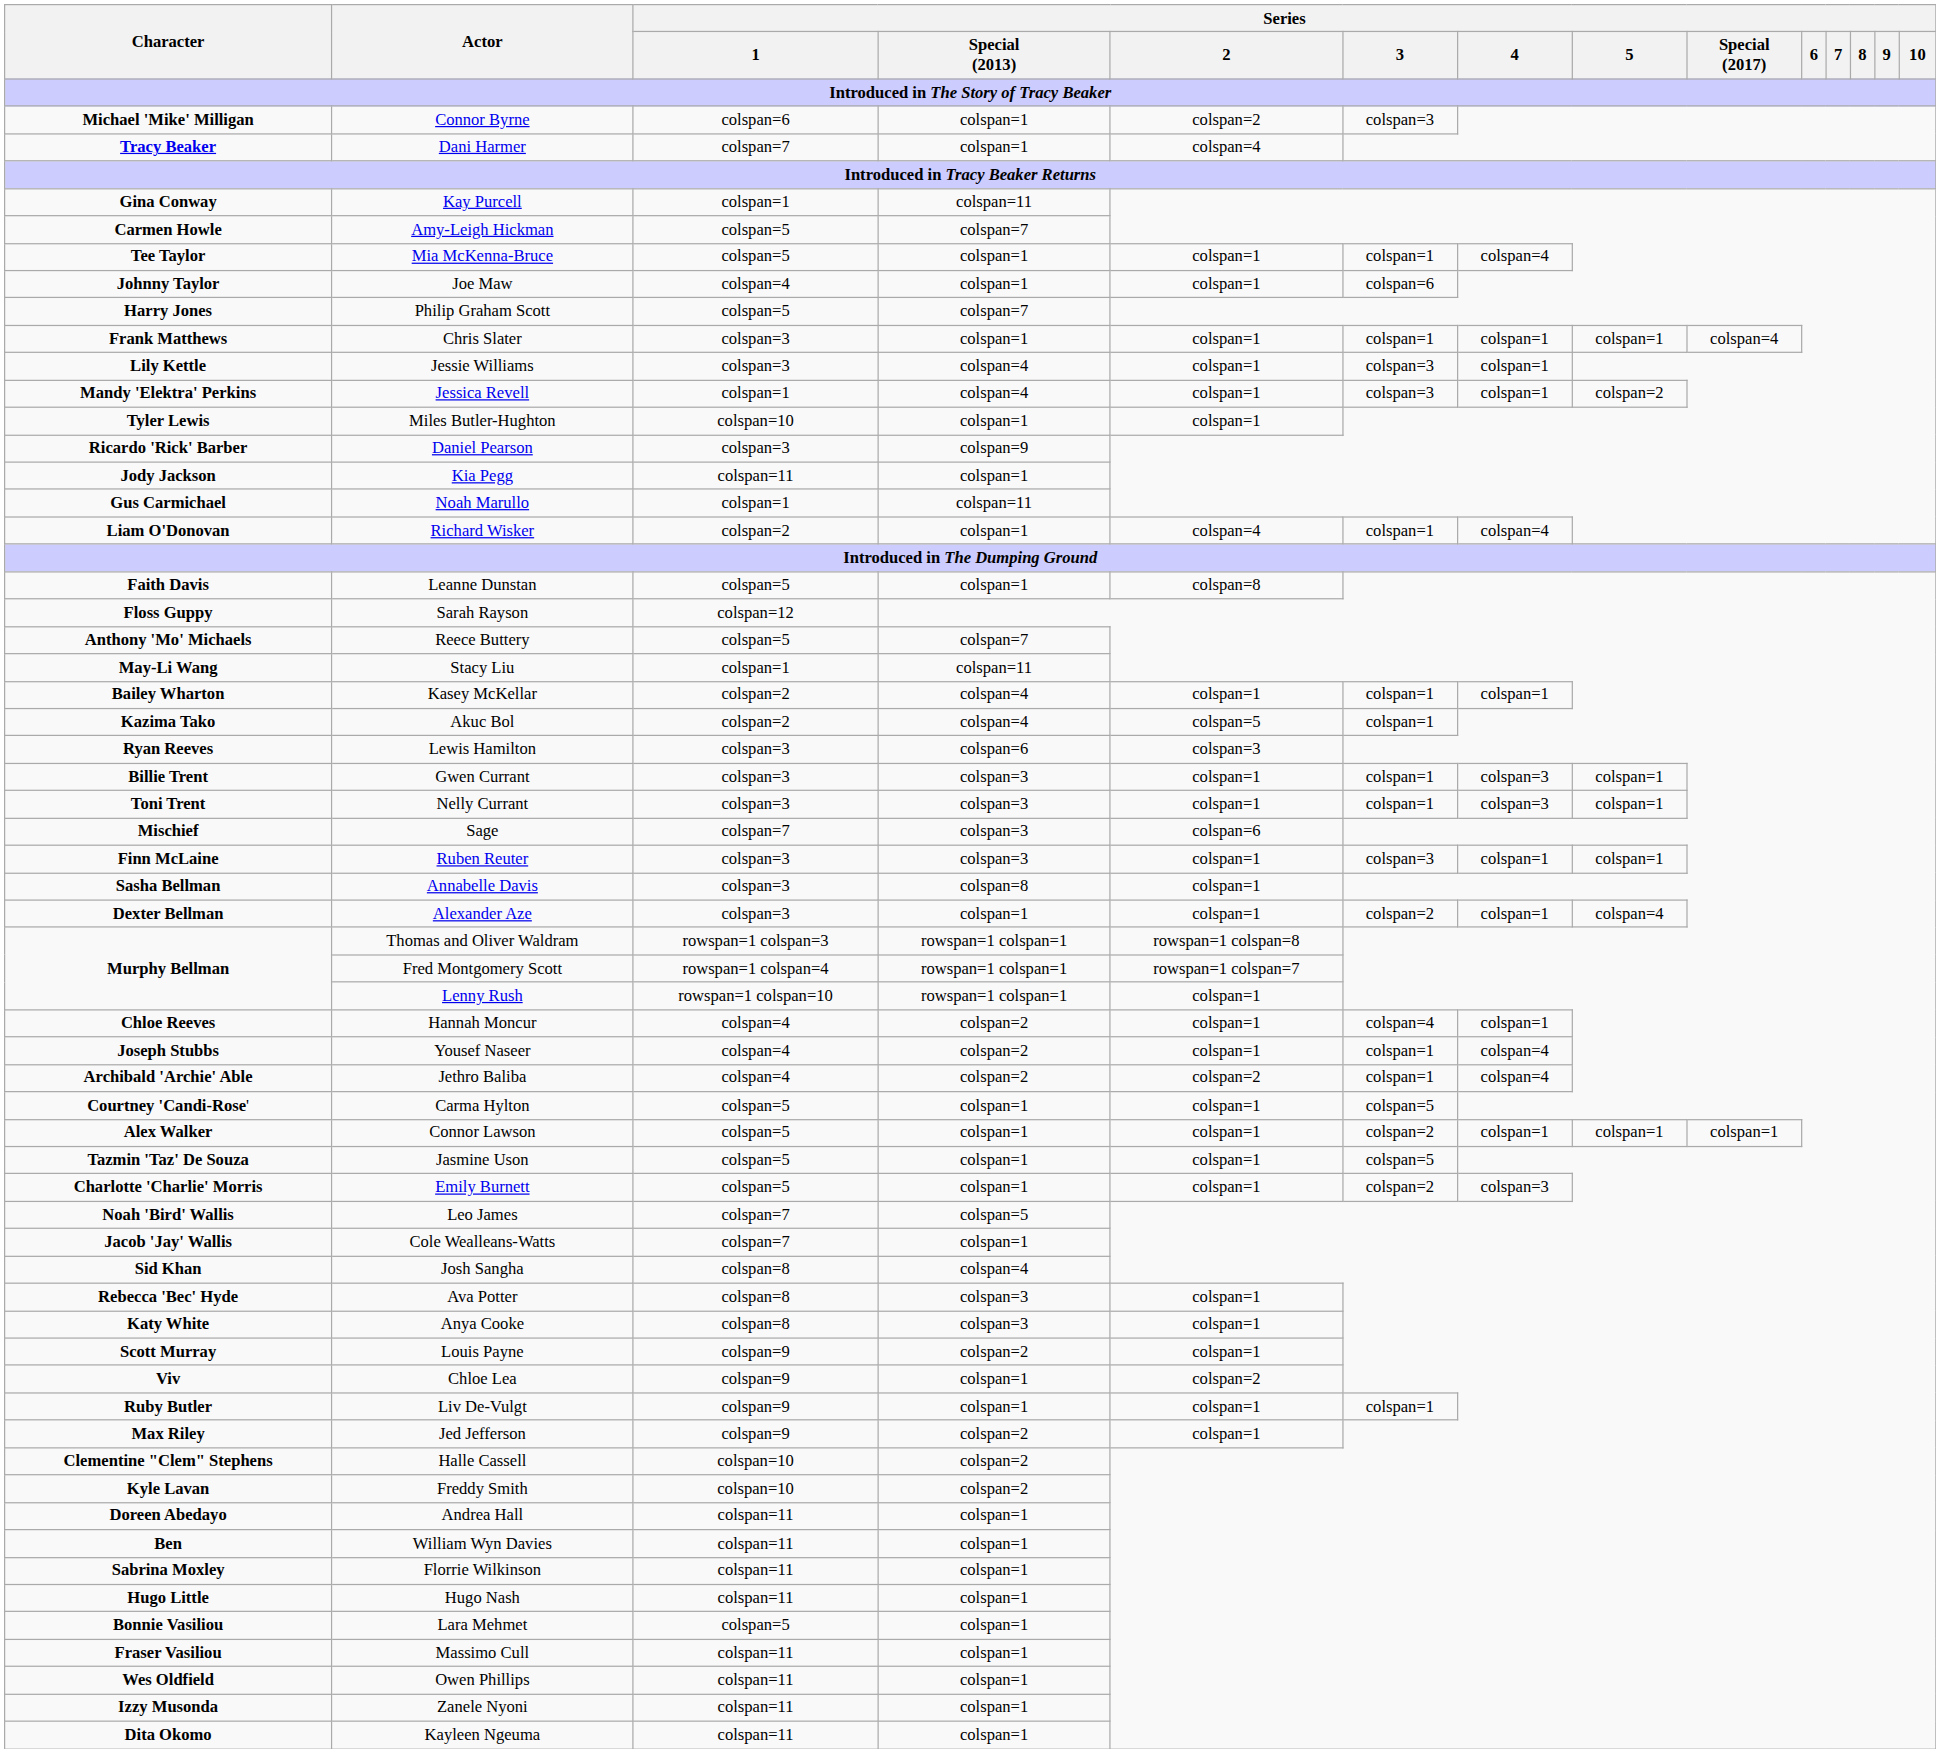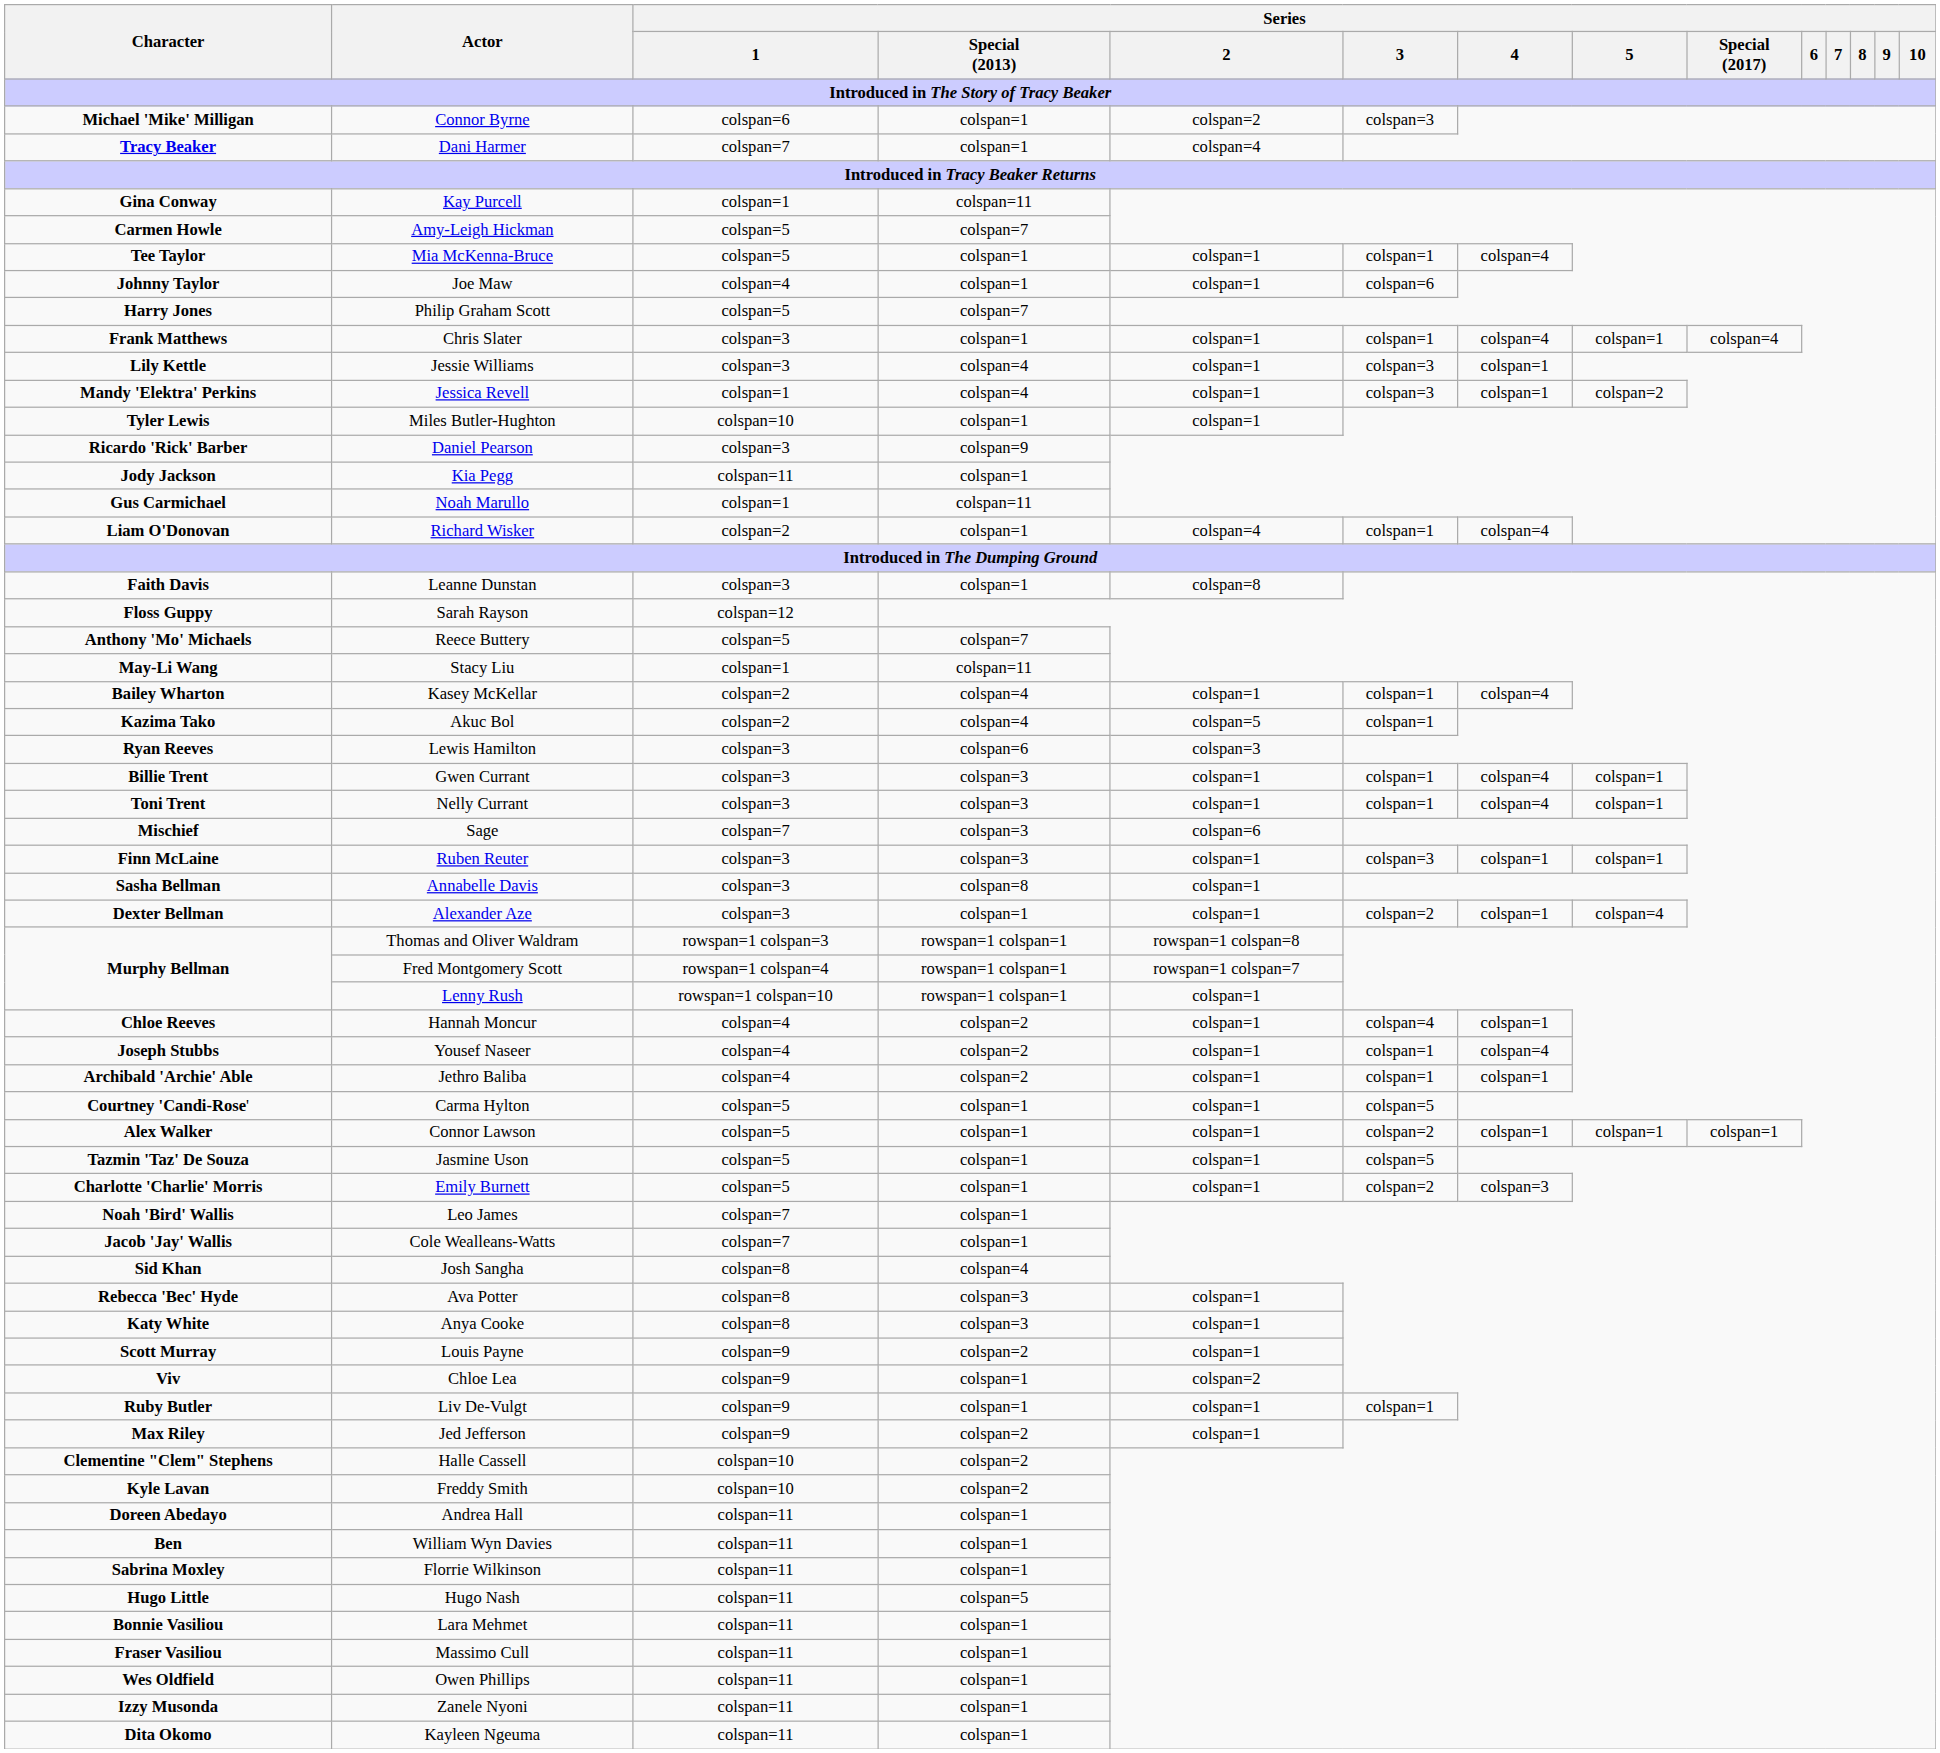 <table class="wikitable" style="text-align:center; width:100%; font-size:85%">
 <tr>
 <th rowspan="2">Character</th>
 <th rowspan="2">Actor</th>
 <th colspan="12">Series</th>
 </tr>
 <tr>
 <th>1</th>
 <th>Special<br>(2013)</th>
 <th>2</th>
 <th>3</th>
 <th>4</th>
 <th>5</th>
 <th>Special<br>(2017)</th>
 <th>6</th>
 <th>7</th>
 <th>8</th>
 <th>9</th>
 <th>10</th>
 </tr>
 <tr>
 <th scope="col" colspan="14" style="background-color:#ccccff;">Introduced in <em>The Story of Tracy Beaker</em></th>
 </tr>
 <tr>
 <td><strong>Michael 'Mike' Milligan</strong></td>
 <td><a href='#'>Connor Byrne</a></td>
 <td>colspan=6 </td>
 <td>colspan=1 </td>
 <td>colspan=2 </td>
 <td>colspan=3 </td>
 </tr>
 <tr>
 <td><strong><a href='#'>Tracy Beaker</a></strong></td>
 <td><a href='#'>Dani Harmer</a></td>
 <td>colspan=7 </td>
 <td>colspan=1 </td>
 <td>colspan=4 </td>
 </tr>
 <tr>
 <th scope="col" colspan="14" style="background-color:#ccccff;">Introduced in <em>Tracy Beaker Returns</em></th>
 </tr>
 <tr>
 <td><strong>Gina Conway</strong></td>
 <td><a href='#'>Kay Purcell</a></td>
 <td>colspan=1 </td>
 <td>colspan=11 </td>
 </tr>
 <tr>
 <td><strong>Carmen Howle</strong></td>
 <td><a href='#'>Amy-Leigh Hickman</a></td>
 <td>colspan=5 </td>
 <td>colspan=7 </td>
 </tr>
 <tr>
 <td><strong>Tee Taylor</strong></td>
 <td><a href='#'>Mia McKenna-Bruce</a></td>
 <td>colspan=5 </td>
 <td>colspan=1 </td>
 <td>colspan=1 </td>
 <td>colspan=1 </td>
 <td>colspan=4 </td>
 </tr>
 <tr>
 <td><strong>Johnny Taylor</strong></td>
 <td>Joe Maw</td>
 <td>colspan=4 </td>
 <td>colspan=1 </td>
 <td>colspan=1 </td>
 <td>colspan=6 </td>
 </tr>
 <tr>
 <td><strong>Harry Jones</strong></td>
 <td>Philip Graham Scott</td>
 <td>colspan=5 </td>
 <td>colspan=7 </td>
 </tr>
 <tr>
 <td><strong>Frank Matthews</strong></td>
 <td>Chris Slater</td>
 <td>colspan=3 </td>
 <td>colspan=1 </td>
 <td>colspan=1 </td>
 <td>colspan=1 </td>
-<td>colspan=1 </td>
+<td>colspan=4 </td>
 <td>colspan=1 </td>
 <td>colspan=4 </td>
 </tr>
 <tr>
 <td><strong>Lily Kettle</strong></td>
 <td>Jessie Williams</td>
 <td>colspan=3 </td>
 <td>colspan=4 </td>
 <td>colspan=1 </td>
 <td>colspan=3 </td>
 <td>colspan=1 </td>
 </tr>
 <tr>
 <td><strong>Mandy 'Elektra' Perkins</strong></td>
 <td><a href='#'>Jessica Revell</a></td>
 <td>colspan=1 </td>
 <td>colspan=4 </td>
 <td>colspan=1 </td>
 <td>colspan=3 </td>
 <td>colspan=1 </td>
 <td>colspan=2 </td>
 </tr>
 <tr>
 <td><strong>Tyler Lewis</strong></td>
 <td>Miles Butler-Hughton</td>
 <td>colspan=10 </td>
 <td>colspan=1 </td>
 <td>colspan=1 </td>
 </tr>
 <tr>
 <td><strong>Ricardo 'Rick' Barber</strong></td>
 <td><a href='#'>Daniel Pearson</a></td>
 <td>colspan=3 </td>
 <td>colspan=9 </td>
 </tr>
 <tr>
 <td><strong>Jody Jackson</strong></td>
 <td><a href='#'>Kia Pegg</a></td>
 <td>colspan=11 </td>
 <td>colspan=1 </td>
 </tr>
 <tr>
 <td><strong>Gus Carmichael</strong></td>
 <td><a href='#'>Noah Marullo</a></td>
 <td>colspan=1 </td>
 <td>colspan=11 </td>
 </tr>
 <tr>
 <td><strong>Liam O'Donovan</strong></td>
 <td><a href='#'>Richard Wisker</a></td>
 <td>colspan=2 </td>
 <td>colspan=1 </td>
 <td>colspan=4 </td>
 <td>colspan=1 </td>
 <td>colspan=4 </td>
 </tr>
 <tr>
 <th scope="col" colspan="14" style="background-color:#ccccff;">Introduced in <em>The Dumping Ground</em></th>
 </tr>
 <tr>
 <td><strong>Faith Davis</strong></td>
 <td>Leanne Dunstan</td>
-<td>colspan=5 </td>
+<td>colspan=3 </td>
 <td>colspan=1 </td>
 <td>colspan=8 </td>
 </tr>
 <tr>
 <td><strong>Floss Guppy</strong></td>
 <td>Sarah Rayson</td>
 <td>colspan=12 </td>
 </tr>
 <tr>
 <td><strong>Anthony 'Mo' Michaels</strong></td>
 <td>Reece Buttery</td>
 <td>colspan=5 </td>
 <td>colspan=7 </td>
 </tr>
 <tr>
 <td><strong>May-Li Wang</strong></td>
 <td>Stacy Liu</td>
 <td>colspan=1 </td>
 <td>colspan=11 </td>
 </tr>
 <tr>
 <td><strong>Bailey Wharton</strong></td>
 <td>Kasey McKellar</td>
 <td>colspan=2 </td>
 <td>colspan=4 </td>
 <td>colspan=1 </td>
 <td>colspan=1 </td>
-<td>colspan=1 </td>
+<td>colspan=4 </td>
 </tr>
 <tr>
 <td><strong>Kazima Tako</strong></td>
 <td>Akuc Bol</td>
 <td>colspan=2 </td>
 <td>colspan=4 </td>
 <td>colspan=5 </td>
 <td>colspan=1 </td>
 </tr>
 <tr>
 <td><strong>Ryan Reeves</strong></td>
 <td>Lewis Hamilton</td>
 <td>colspan=3 </td>
 <td>colspan=6 </td>
 <td>colspan=3 </td>
 </tr>
 <tr>
 <td><strong>Billie Trent</strong></td>
 <td>Gwen Currant</td>
 <td>colspan=3 </td>
 <td>colspan=3 </td>
 <td>colspan=1 </td>
 <td>colspan=1 </td>
-<td>colspan=3 </td>
+<td>colspan=4 </td>
 <td>colspan=1 </td>
 </tr>
 <tr>
 <td><strong>Toni Trent</strong></td>
 <td>Nelly Currant</td>
 <td>colspan=3 </td>
 <td>colspan=3 </td>
 <td>colspan=1 </td>
 <td>colspan=1 </td>
-<td>colspan=3 </td>
+<td>colspan=4 </td>
 <td>colspan=1 </td>
 </tr>
 <tr>
 <td><strong>Mischief</strong></td>
 <td>Sage</td>
 <td>colspan=7 </td>
 <td>colspan=3 </td>
 <td>colspan=6 </td>
 </tr>
 <tr>
 <td><strong>Finn McLaine</strong></td>
 <td><a href='#'>Ruben Reuter</a></td>
 <td>colspan=3 </td>
 <td>colspan=3 </td>
 <td>colspan=1 </td>
 <td>colspan=3 </td>
 <td>colspan=1 </td>
 <td>colspan=1 </td>
 </tr>
 <tr>
 <td><strong>Sasha Bellman</strong></td>
 <td><a href='#'>Annabelle Davis</a></td>
 <td>colspan=3 </td>
 <td>colspan=8 </td>
 <td>colspan=1 </td>
 </tr>
 <tr>
 <td><strong>Dexter Bellman</strong></td>
 <td><a href='#'>Alexander Aze</a></td>
 <td>colspan=3 </td>
 <td>colspan=1 </td>
 <td>colspan=1 </td>
 <td>colspan=2 </td>
 <td>colspan=1 </td>
 <td>colspan=4 </td>
 </tr>
 <tr>
 <td rowspan=3><strong>Murphy Bellman</strong></td>
 <td>Thomas and Oliver Waldram</td>
 <td>rowspan=1 colspan=3 </td>
 <td>rowspan=1 colspan=1 </td>
 <td>rowspan=1 colspan=8 </td>
 </tr>
 <tr>
 <td>Fred Montgomery Scott</td>
 <td>rowspan=1 colspan=4 </td>
 <td>rowspan=1 colspan=1 </td>
 <td>rowspan=1 colspan=7 </td>
 </tr>
 <tr>
 <td><a href='#'>Lenny Rush</a></td>
 <td>rowspan=1 colspan=10 </td>
 <td>rowspan=1 colspan=1 </td>
 <td>colspan=1 </td>
 </tr>
 <tr>
 <td><strong>Chloe Reeves</strong></td>
 <td>Hannah Moncur</td>
 <td>colspan=4 </td>
 <td>colspan=2 </td>
 <td>colspan=1 </td>
 <td>colspan=4 </td>
 <td>colspan=1 </td>
 </tr>
 <tr>
 <td><strong>Joseph Stubbs</strong></td>
 <td>Yousef Naseer</td>
 <td>colspan=4 </td>
 <td>colspan=2 </td>
 <td>colspan=1 </td>
 <td>colspan=1 </td>
 <td>colspan=4 </td>
 </tr>
 <tr>
 <td><strong>Archibald 'Archie' Able</strong></td>
 <td>Jethro Baliba</td>
 <td>colspan=4 </td>
 <td>colspan=2 </td>
-<td>colspan=2 </td>
 <td>colspan=1 </td>
-<td>colspan=4 </td>
+<td>colspan=1 </td>
+<td>colspan=1 </td>
 </tr>
 <tr>
 <td><strong>Courtney 'Candi-Rose</strong>'</td>
 <td>Carma Hylton</td>
 <td>colspan=5 </td>
 <td>colspan=1 </td>
 <td>colspan=1 </td>
 <td>colspan=5 </td>
 </tr>
 <tr>
 <td><strong>Alex Walker</strong></td>
 <td>Connor Lawson</td>
 <td>colspan=5 </td>
 <td>colspan=1 </td>
 <td>colspan=1 </td>
 <td>colspan=2 </td>
 <td>colspan=1 </td>
 <td>colspan=1 </td>
 <td>colspan=1 </td>
 </tr>
 <tr>
 <td><strong>Tazmin 'Taz' De Souza</strong></td>
 <td>Jasmine Uson</td>
 <td>colspan=5 </td>
 <td>colspan=1 </td>
 <td>colspan=1 </td>
 <td>colspan=5 </td>
 </tr>
 <tr>
 <td><strong>Charlotte 'Charlie' Morris</strong></td>
 <td><a href='#'>Emily Burnett</a></td>
 <td>colspan=5 </td>
 <td>colspan=1 </td>
 <td>colspan=1 </td>
 <td>colspan=2 </td>
 <td>colspan=3 </td>
 </tr>
 <tr>
 <td><strong>Noah 'Bird' Wallis</strong></td>
 <td>Leo James</td>
 <td>colspan=7 </td>
-<td>colspan=5 </td>
+<td>colspan=1 </td>
 </tr>
 <tr>
 <td><strong>Jacob 'Jay' Wallis</strong></td>
 <td>Cole Wealleans-Watts</td>
 <td>colspan=7 </td>
 <td>colspan=1 </td>
 </tr>
 <tr>
 <td><strong>Sid Khan</strong></td>
 <td>Josh Sangha</td>
 <td>colspan=8 </td>
 <td>colspan=4 </td>
 </tr>
 <tr>
 <td><strong>Rebecca 'Bec' Hyde</strong></td>
 <td>Ava Potter</td>
 <td>colspan=8 </td>
 <td>colspan=3 </td>
 <td>colspan=1 </td>
 </tr>
 <tr>
 <td><strong>Katy White</strong></td>
 <td>Anya Cooke</td>
 <td>colspan=8 </td>
 <td>colspan=3 </td>
 <td>colspan=1 </td>
 </tr>
 <tr>
 <td><strong>Scott Murray</strong></td>
 <td>Louis Payne</td>
 <td>colspan=9 </td>
 <td>colspan=2 </td>
 <td>colspan=1 </td>
 </tr>
 <tr>
 <td><strong>Viv</strong></td>
 <td>Chloe Lea</td>
 <td>colspan=9 </td>
 <td>colspan=1 </td>
 <td>colspan=2 </td>
 </tr>
 <tr>
 <td><strong>Ruby Butler</strong></td>
 <td>Liv De-Vulgt</td>
 <td>colspan=9 </td>
 <td>colspan=1 </td>
 <td>colspan=1 </td>
 <td>colspan=1 </td>
 </tr>
 <tr>
 <td><strong>Max Riley</strong></td>
 <td>Jed Jefferson</td>
 <td>colspan=9 </td>
 <td>colspan=2 </td>
 <td>colspan=1 </td>
 </tr>
 <tr>
 <td><strong>Clementine "Clem" Stephens</strong></td>
 <td>Halle Cassell</td>
 <td>colspan=10 </td>
 <td>colspan=2 </td>
 </tr>
 <tr>
 <td><strong>Kyle Lavan</strong></td>
 <td>Freddy Smith</td>
 <td>colspan=10 </td>
 <td>colspan=2 </td>
 </tr>
 <tr>
 <td><strong>Doreen Abedayo</strong></td>
 <td>Andrea Hall</td>
 <td>colspan=11 </td>
 <td>colspan=1 </td>
 </tr>
 <tr>
 <td><strong>Ben</strong></td>
 <td>William Wyn Davies</td>
 <td>colspan=11 </td>
 <td>colspan=1 </td>
 </tr>
 <tr>
 <td><strong>Sabrina Moxley</strong></td>
 <td>Florrie Wilkinson</td>
 <td>colspan=11 </td>
 <td>colspan=1 </td>
 </tr>
 <tr>
 <td><strong>Hugo Little</strong></td>
 <td>Hugo Nash</td>
 <td>colspan=11 </td>
-<td>colspan=1 </td>
+<td>colspan=5 </td>
 </tr>
 <tr>
 <td><strong>Bonnie Vasiliou</strong></td>
 <td>Lara Mehmet</td>
-<td>colspan=5 </td>
+<td>colspan=11 </td>
 <td>colspan=1 </td>
 </tr>
 <tr>
 <td><strong>Fraser Vasiliou</strong></td>
 <td>Massimo Cull</td>
 <td>colspan=11 </td>
 <td>colspan=1 </td>
 </tr>
 <tr>
 <td><strong>Wes Oldfield</strong></td>
 <td>Owen Phillips</td>
 <td>colspan=11 </td>
 <td>colspan=1 </td>
 </tr>
 <tr>
 <td><strong>Izzy Musonda</strong></td>
 <td>Zanele Nyoni</td>
 <td>colspan=11 </td>
 <td>colspan=1 </td>
 </tr>
 <tr>
 <td><strong>Dita Okomo</strong></td>
 <td>Kayleen Ngeuma</td>
 <td>colspan=11 </td>
 <td>colspan=1 </td>
 </tr>
 </table>
